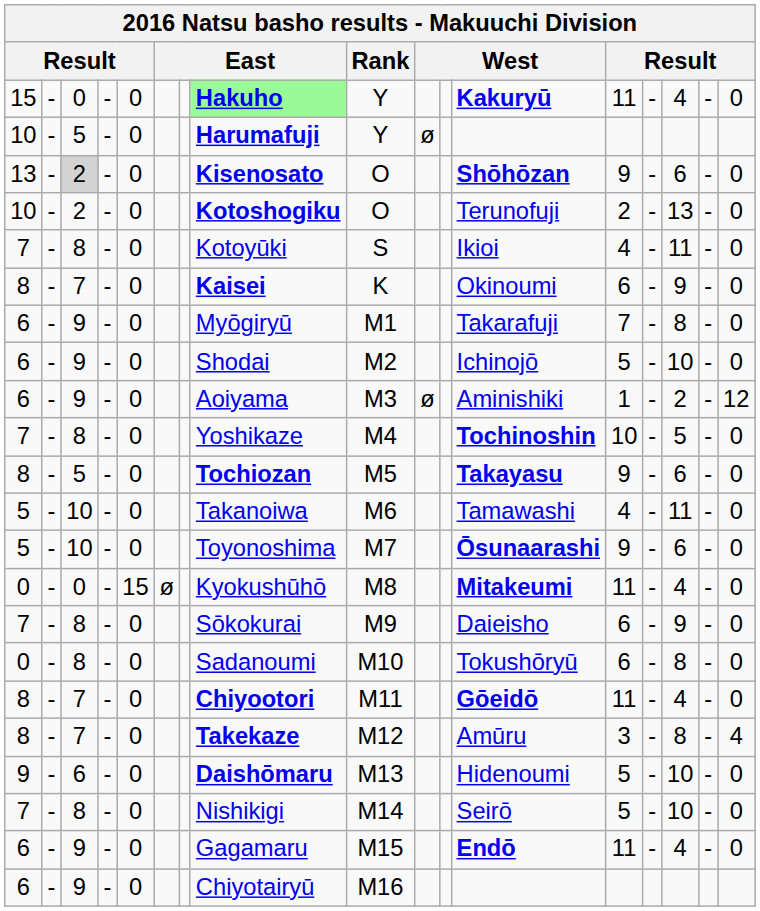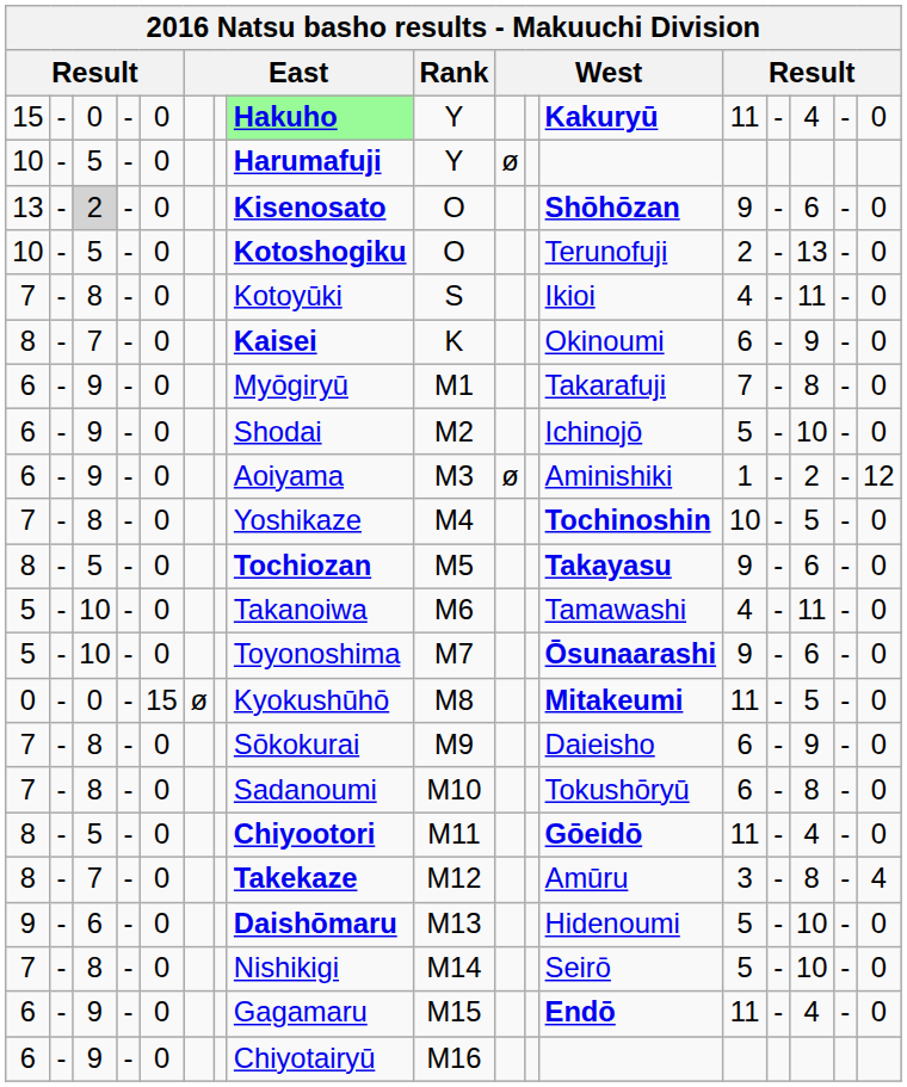 <table class="wikitable">
 <tr>
 <th colspan="17">2016 Natsu basho results - Makuuchi Division</th>
 </tr>
 <tr>
 <th colspan="5">Result</th>
 <th colspan="3">East</th>
 <th>Rank</th>
 <th colspan="3">West</th>
 <th colspan="5">Result</th>
 </tr>
 <tr>
 <td align=center>15</td>
 <td align=center>-</td>
 <td align=center>0</td>
 <td align=center>-</td>
 <td align=center>0</td>
 <td align=center></td>
 <td align=center></td>
 <td style="background: PaleGreen;"><strong><a href='#'>Hakuho</a></strong></td>
 <td align=center>Y</td>
 <td align=center></td>
 <td align=center></td>
 <td><strong><a href='#'>Kakuryū</a></strong></td>
 <td align=center>11</td>
 <td align=center>-</td>
 <td align=center>4</td>
 <td align=center>-</td>
 <td align=center>0</td>
 </tr>
 <tr>
 <td align=center>10</td>
 <td align=center>-</td>
 <td align=center>5</td>
 <td align=center>-</td>
 <td align=center>0</td>
 <td align=center></td>
 <td align=center></td>
 <td><strong><a href='#'>Harumafuji</a></strong></td>
 <td align=center>Y</td>
 <td align=center>ø</td>
 <td align=center></td>
 <td></td>
 <td align=center></td>
 <td align=center></td>
 <td align=center></td>
 <td align=center></td>
 <td align=center></td>
 </tr>
 <tr>
 <td align=center>13</td>
 <td align=center>-</td>
 <td align=center style="background: lightgrey;">2</td>
 <td align=center>-</td>
 <td align=center>0</td>
 <td align=center></td>
 <td align=center></td>
 <td><strong><a href='#'>Kisenosato</a></strong></td>
 <td align=center>O</td>
 <td align=center></td>
 <td align=center></td>
 <td><strong><a href='#'>Shōhōzan</a></strong></td>
 <td align=center>9</td>
 <td align=center>-</td>
 <td align=center>6</td>
 <td align=center>-</td>
 <td align=center>0</td>
 </tr>
 <tr>
 <td align=center>10</td>
 <td align=center>-</td>
-<td align=center>2</td>
+<td align=center>5</td>
 <td align=center>-</td>
 <td align=center>0</td>
 <td align=center></td>
 <td align=center></td>
 <td><strong><a href='#'>Kotoshogiku</a></strong></td>
 <td align=center>O</td>
 <td align=center></td>
 <td align=center></td>
 <td><a href='#'>Terunofuji</a></td>
 <td align=center>2</td>
 <td align=center>-</td>
 <td align=center>13</td>
 <td align=center>-</td>
 <td align=center>0</td>
 </tr>
 <tr>
 <td align=center>7</td>
 <td align=center>-</td>
 <td align=center>8</td>
 <td align=center>-</td>
 <td align=center>0</td>
 <td align=center></td>
 <td align=center></td>
 <td><a href='#'>Kotoyūki</a></td>
 <td align=center>S</td>
 <td align=center></td>
 <td align=center></td>
 <td><a href='#'>Ikioi</a></td>
 <td align=center>4</td>
 <td align=center>-</td>
 <td align=center>11</td>
 <td align=center>-</td>
 <td align=center>0</td>
 </tr>
 <tr>
 <td align=center>8</td>
 <td align=center>-</td>
 <td align=center>7</td>
 <td align=center>-</td>
 <td align=center>0</td>
 <td align=center></td>
 <td align=center></td>
 <td><strong><a href='#'>Kaisei</a></strong></td>
 <td align=center>K</td>
 <td align=center></td>
 <td align=center></td>
 <td><a href='#'>Okinoumi</a></td>
 <td align=center>6</td>
 <td align=center>-</td>
 <td align=center>9</td>
 <td align=center>-</td>
 <td align=center>0</td>
 </tr>
 <tr>
 <td align=center>6</td>
 <td align=center>-</td>
 <td align=center>9</td>
 <td align=center>-</td>
 <td align=center>0</td>
 <td align=center></td>
 <td align=center></td>
 <td><a href='#'>Myōgiryū</a></td>
 <td align=center>M1</td>
 <td align=center></td>
 <td align=center></td>
 <td><a href='#'>Takarafuji</a></td>
 <td align=center>7</td>
 <td align=center>-</td>
 <td align=center>8</td>
 <td align=center>-</td>
 <td align=center>0</td>
 </tr>
 <tr>
 <td align=center>6</td>
 <td align=center>-</td>
 <td align=center>9</td>
 <td align=center>-</td>
 <td align=center>0</td>
 <td align=center></td>
 <td align=center></td>
 <td><a href='#'>Shodai</a></td>
 <td align=center>M2</td>
 <td align=center></td>
 <td align=center></td>
 <td><a href='#'>Ichinojō</a></td>
 <td align=center>5</td>
 <td align=center>-</td>
 <td align=center>10</td>
 <td align=center>-</td>
 <td align=center>0</td>
 </tr>
 <tr>
 <td align=center>6</td>
 <td align=center>-</td>
 <td align=center>9</td>
 <td align=center>-</td>
 <td align=center>0</td>
 <td align=center></td>
 <td align=center></td>
 <td><a href='#'>Aoiyama</a></td>
 <td align=center>M3</td>
 <td align=center>ø</td>
 <td align=center></td>
 <td><a href='#'>Aminishiki</a></td>
 <td align=center>1</td>
 <td align=center>-</td>
 <td align=center>2</td>
 <td align=center>-</td>
 <td align=center>12</td>
 </tr>
 <tr>
 <td align=center>7</td>
 <td align=center>-</td>
 <td align=center>8</td>
 <td align=center>-</td>
 <td align=center>0</td>
 <td align=center></td>
 <td align=center></td>
 <td><a href='#'>Yoshikaze</a></td>
 <td align=center>M4</td>
 <td align=center></td>
 <td align=center></td>
 <td><strong><a href='#'>Tochinoshin</a></strong></td>
 <td align=center>10</td>
 <td align=center>-</td>
 <td align=center>5</td>
 <td align=center>-</td>
 <td align=center>0</td>
 </tr>
 <tr>
 <td align=center>8</td>
 <td align=center>-</td>
 <td align=center>5</td>
 <td align=center>-</td>
 <td align=center>0</td>
 <td align=center></td>
 <td align=center></td>
 <td><strong><a href='#'>Tochiozan</a></strong></td>
 <td align=center>M5</td>
 <td align=center></td>
 <td align=center></td>
 <td><strong><a href='#'>Takayasu</a></strong></td>
 <td align=center>9</td>
 <td align=center>-</td>
 <td align=center>6</td>
 <td align=center>-</td>
 <td align=center>0</td>
 </tr>
 <tr>
 <td align=center>5</td>
 <td align=center>-</td>
 <td align=center>10</td>
 <td align=center>-</td>
 <td align=center>0</td>
 <td align=center></td>
 <td align=center></td>
 <td><a href='#'>Takanoiwa</a></td>
 <td align=center>M6</td>
 <td align=center></td>
 <td align=center></td>
 <td><a href='#'>Tamawashi</a></td>
 <td align=center>4</td>
 <td align=center>-</td>
 <td align=center>11</td>
 <td align=center>-</td>
 <td align=center>0</td>
 </tr>
 <tr>
 <td align=center>5</td>
 <td align=center>-</td>
 <td align=center>10</td>
 <td align=center>-</td>
 <td align=center>0</td>
 <td align=center></td>
 <td align=center></td>
 <td><a href='#'>Toyonoshima</a></td>
 <td align=center>M7</td>
 <td align=center></td>
 <td align=center></td>
 <td><strong><a href='#'>Ōsunaarashi</a></strong></td>
 <td align=center>9</td>
 <td align=center>-</td>
 <td align=center>6</td>
 <td align=center>-</td>
 <td align=center>0</td>
 </tr>
 <tr>
 <td align=center>0</td>
 <td align=center>-</td>
 <td align=center>0</td>
 <td align=center>-</td>
 <td align=center>15</td>
 <td align=center>ø</td>
 <td align=center></td>
 <td><a href='#'>Kyokushūhō</a></td>
 <td align=center>M8</td>
 <td align=center></td>
 <td align=center></td>
 <td><strong><a href='#'>Mitakeumi</a></strong></td>
 <td align=center>11</td>
 <td align=center>-</td>
-<td align=center>4</td>
+<td align=center>5</td>
 <td align=center>-</td>
 <td align=center>0</td>
 </tr>
 <tr>
 <td align=center>7</td>
 <td align=center>-</td>
 <td align=center>8</td>
 <td align=center>-</td>
 <td align=center>0</td>
 <td align=center></td>
 <td align=center></td>
 <td><a href='#'>Sōkokurai</a></td>
 <td align=center>M9</td>
 <td align=center></td>
 <td align=center></td>
 <td><a href='#'>Daieisho</a></td>
 <td align=center>6</td>
 <td align=center>-</td>
 <td align=center>9</td>
 <td align=center>-</td>
 <td align=center>0</td>
 </tr>
 <tr>
-<td align=center>0</td>
+<td align=center>7</td>
 <td align=center>-</td>
 <td align=center>8</td>
 <td align=center>-</td>
 <td align=center>0</td>
 <td align=center></td>
 <td align=center></td>
 <td><a href='#'>Sadanoumi</a></td>
 <td align=center>M10</td>
 <td align=center></td>
 <td align=center></td>
 <td><a href='#'>Tokushōryū</a></td>
 <td align=center>6</td>
 <td align=center>-</td>
 <td align=center>8</td>
 <td align=center>-</td>
 <td align=center>0</td>
 </tr>
 <tr>
 <td align=center>8</td>
 <td align=center>-</td>
-<td align=center>7</td>
+<td align=center>5</td>
 <td align=center>-</td>
 <td align=center>0</td>
 <td align=center></td>
 <td align=center></td>
 <td><strong><a href='#'>Chiyootori</a></strong></td>
 <td align=center>M11</td>
 <td align=center></td>
 <td align=center></td>
 <td><strong><a href='#'>Gōeidō</a></strong></td>
 <td align=center>11</td>
 <td align=center>-</td>
 <td align=center>4</td>
 <td align=center>-</td>
 <td align=center>0</td>
 </tr>
 <tr>
 <td align=center>8</td>
 <td align=center>-</td>
 <td align=center>7</td>
 <td align=center>-</td>
 <td align=center>0</td>
 <td align=center></td>
 <td align=center></td>
 <td><strong><a href='#'>Takekaze</a></strong></td>
 <td align=center>M12</td>
 <td align=center></td>
 <td align=center></td>
 <td><a href='#'>Amūru</a></td>
 <td align=center>3</td>
 <td align=center>-</td>
 <td align=center>8</td>
 <td align=center>-</td>
 <td align=center>4</td>
 </tr>
 <tr>
 <td align=center>9</td>
 <td align=center>-</td>
 <td align=center>6</td>
 <td align=center>-</td>
 <td align=center>0</td>
 <td align=center></td>
 <td align=center></td>
 <td><strong><a href='#'>Daishōmaru</a></strong></td>
 <td align=center>M13</td>
 <td align=center></td>
 <td align=center></td>
 <td><a href='#'>Hidenoumi</a></td>
 <td align=center>5</td>
 <td align=center>-</td>
 <td align=center>10</td>
 <td align=center>-</td>
 <td align=center>0</td>
 </tr>
 <tr>
 <td align=center>7</td>
 <td align=center>-</td>
 <td align=center>8</td>
 <td align=center>-</td>
 <td align=center>0</td>
 <td align=center></td>
 <td align=center></td>
 <td><a href='#'>Nishikigi</a></td>
 <td align=center>M14</td>
 <td align=center></td>
 <td align=center></td>
 <td><a href='#'>Seirō</a></td>
 <td align=center>5</td>
 <td align=center>-</td>
 <td align=center>10</td>
 <td align=center>-</td>
 <td align=center>0</td>
 </tr>
 <tr>
 <td align=center>6</td>
 <td align=center>-</td>
 <td align=center>9</td>
 <td align=center>-</td>
 <td align=center>0</td>
 <td align=center></td>
 <td align=center></td>
 <td><a href='#'>Gagamaru</a></td>
 <td align=center>M15</td>
 <td align=center></td>
 <td align=center></td>
 <td><strong><a href='#'>Endō</a></strong></td>
 <td align=center>11</td>
 <td align=center>-</td>
 <td align=center>4</td>
 <td align=center>-</td>
 <td align=center>0</td>
 </tr>
 <tr>
 <td align=center>6</td>
 <td align=center>-</td>
 <td align=center>9</td>
 <td align=center>-</td>
 <td align=center>0</td>
 <td align=center></td>
 <td align=center></td>
 <td><a href='#'>Chiyotairyū</a></td>
 <td align=center>M16</td>
 <td align=center></td>
 <td align=center></td>
 <td></td>
 <td align=center></td>
 <td align=center></td>
 <td align=center></td>
 <td align=center></td>
 <td align=center></td>
 </tr>
 </table>
